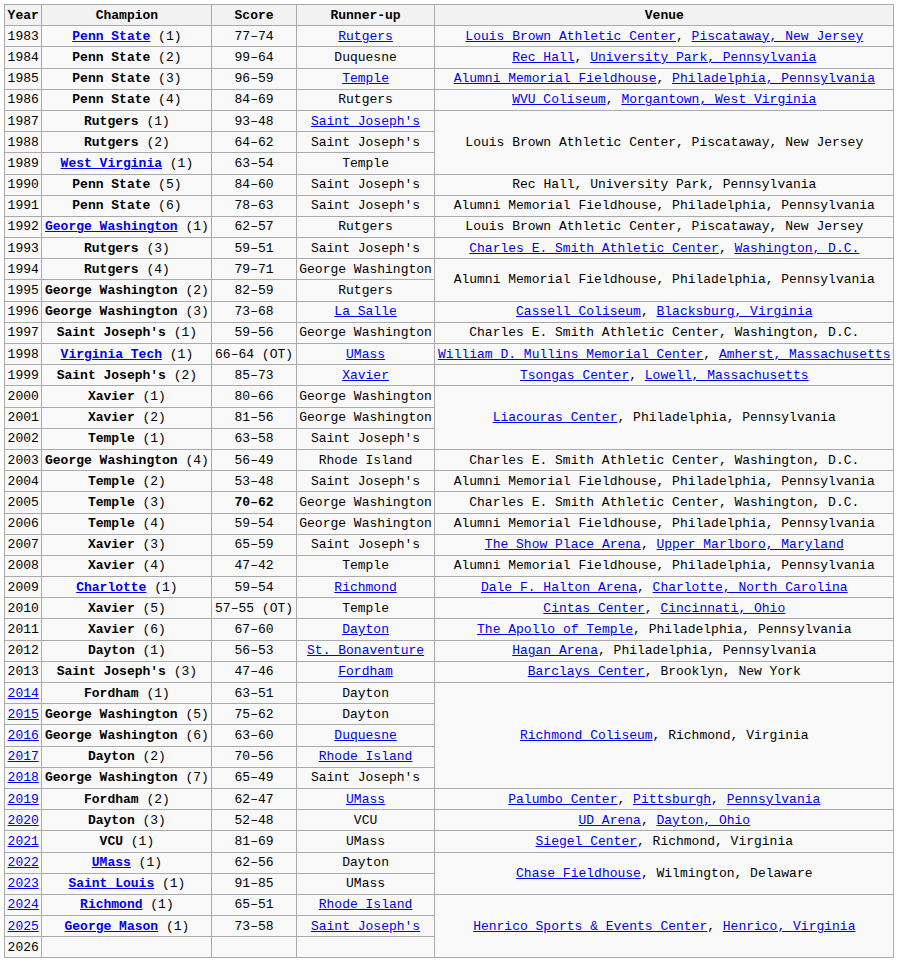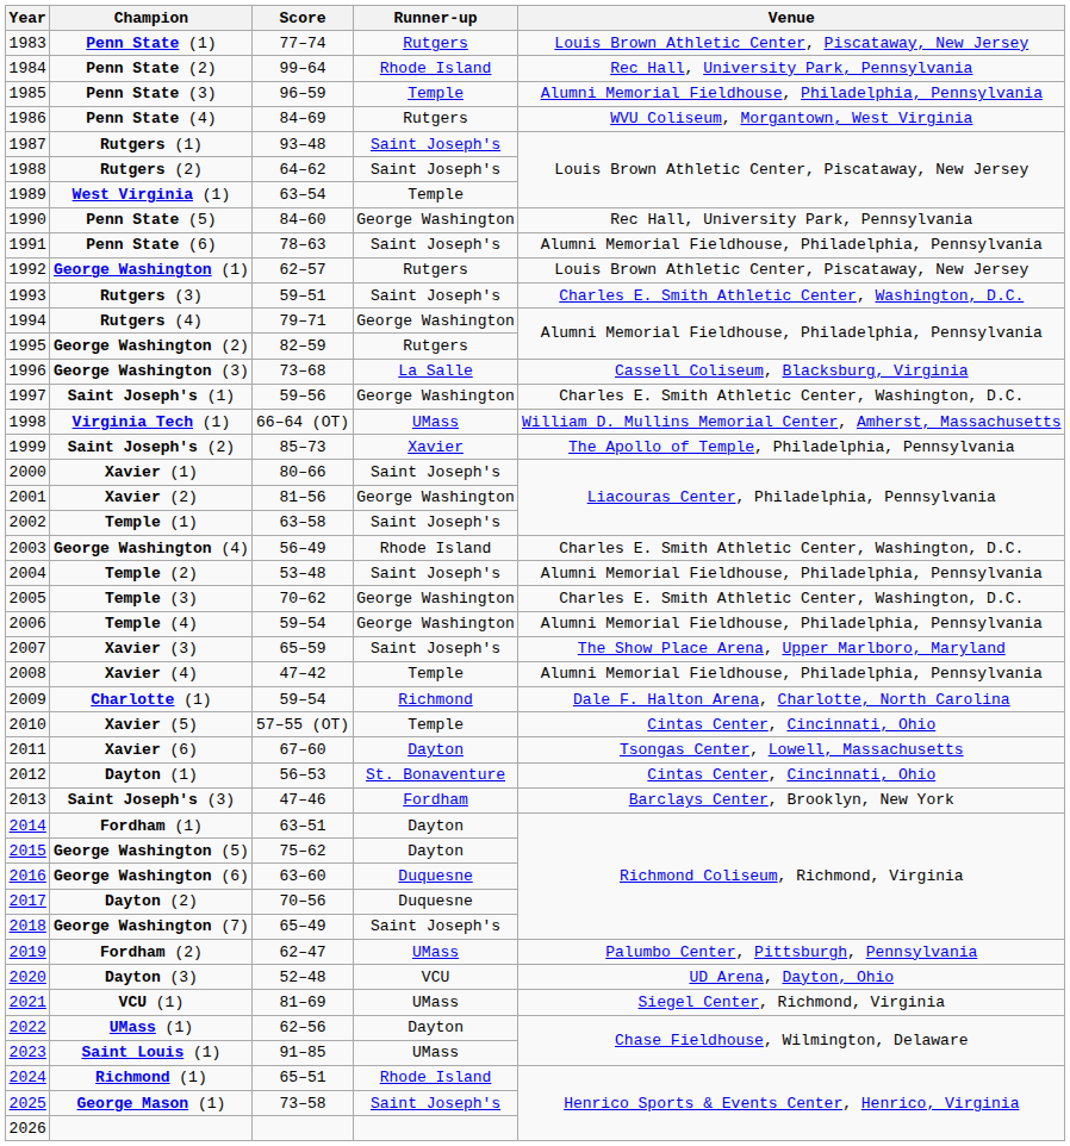 <table class="wikitable sortable" style="text-align:center">
 <tr>
 <th width=px>Year</th>
 <th width=px>Champion</th>
 <th width=px>Score</th>
 <th width=px>Runner-up</th>
 <th width=px>Venue</th>
 </tr>
 <tr>
 <td>1983</td>
 <td><strong><a href='#'>Penn State</a></strong> (1)</td>
 <td>77–74</td>
 <td><a href='#'>Rutgers</a></td>
 <td><a href='#'>Louis Brown Athletic Center</a>, <a href='#'>Piscataway, New Jersey</a></td>
 </tr>
 <tr>
 <td>1984</td>
 <td><strong>Penn State</strong> (2)</td>
 <td>99–64</td>
-<td>Duquesne</td>
+<td><a href='#'>Rhode Island</a></td>
 <td><a href='#'>Rec Hall</a>, <a href='#'>University Park, Pennsylvania</a></td>
 </tr>
 <tr>
 <td>1985</td>
 <td><strong>Penn State</strong> (3)</td>
 <td>96–59</td>
 <td><a href='#'>Temple</a></td>
 <td><a href='#'>Alumni Memorial Fieldhouse</a>, <a href='#'>Philadelphia, Pennsylvania</a></td>
 </tr>
 <tr>
 <td>1986</td>
 <td><strong>Penn State</strong> (4)</td>
 <td>84–69</td>
 <td>Rutgers</td>
 <td><a href='#'>WVU Coliseum</a>, <a href='#'>Morgantown, West Virginia</a></td>
 </tr>
 <tr>
 <td>1987</td>
 <td><strong>Rutgers</strong> (1)</td>
 <td>93–48</td>
 <td><a href='#'>Saint Joseph's</a></td>
 <td rowspan=3>Louis Brown Athletic Center, Piscataway, New Jersey</td>
 </tr>
 <tr>
 <td>1988</td>
 <td><strong>Rutgers</strong> (2)</td>
 <td>64–62</td>
 <td>Saint Joseph's</td>
 </tr>
 <tr>
 <td>1989</td>
 <td><strong><a href='#'>West Virginia</a></strong> (1)</td>
 <td>63–54</td>
 <td>Temple</td>
 </tr>
 <tr>
 <td>1990</td>
 <td><strong>Penn State</strong> (5)</td>
 <td>84–60</td>
-<td>Saint Joseph's</td>
+<td>George Washington</td>
 <td>Rec Hall, University Park, Pennsylvania</td>
 </tr>
 <tr>
 <td>1991</td>
 <td><strong>Penn State</strong> (6)</td>
 <td>78–63</td>
 <td>Saint Joseph's</td>
 <td>Alumni Memorial Fieldhouse, Philadelphia, Pennsylvania</td>
 </tr>
 <tr>
 <td>1992</td>
 <td><strong><a href='#'>George Washington</a></strong> (1)</td>
 <td>62–57</td>
 <td>Rutgers</td>
 <td>Louis Brown Athletic Center, Piscataway, New Jersey</td>
 </tr>
 <tr>
 <td>1993</td>
 <td><strong>Rutgers</strong> (3)</td>
 <td>59–51</td>
 <td>Saint Joseph's</td>
 <td><a href='#'>Charles E. Smith Athletic Center</a>, <a href='#'>Washington, D.C.</a></td>
 </tr>
 <tr>
 <td>1994</td>
 <td><strong>Rutgers</strong> (4)</td>
 <td>79–71</td>
 <td>George Washington</td>
 <td rowspan=2>Alumni Memorial Fieldhouse, Philadelphia, Pennsylvania</td>
 </tr>
 <tr>
 <td>1995</td>
 <td><strong>George Washington</strong> (2)</td>
 <td>82–59</td>
 <td>Rutgers</td>
 </tr>
 <tr>
 <td>1996</td>
 <td><strong>George Washington</strong> (3)</td>
 <td>73–68</td>
 <td><a href='#'>La Salle</a></td>
 <td><a href='#'>Cassell Coliseum</a>, <a href='#'>Blacksburg, Virginia</a></td>
 </tr>
 <tr>
 <td>1997</td>
 <td><strong>Saint Joseph's</strong> (1)</td>
 <td>59–56</td>
 <td>George Washington</td>
 <td>Charles E. Smith Athletic Center, Washington, D.C.</td>
 </tr>
 <tr>
 <td>1998</td>
 <td><strong><a href='#'>Virginia Tech</a></strong> (1)</td>
 <td>66–64 (OT)</td>
 <td><a href='#'>UMass</a></td>
 <td><a href='#'>William D. Mullins Memorial Center</a>, <a href='#'>Amherst, Massachusetts</a></td>
 </tr>
 <tr>
 <td>1999</td>
 <td><strong>Saint Joseph's</strong> (2)</td>
 <td>85–73</td>
 <td><a href='#'>Xavier</a></td>
-<td><a href='#'>Tsongas Center</a>, <a href='#'>Lowell, Massachusetts</a></td>
+<td><a href='#'>The Apollo of Temple</a>, Philadelphia, Pennsylvania</td>
 </tr>
 <tr>
 <td>2000</td>
 <td><strong>Xavier</strong> (1)</td>
 <td>80–66</td>
-<td>George Washington</td>
+<td>Saint Joseph's</td>
 <td rowspan=3><a href='#'>Liacouras Center</a>, Philadelphia, Pennsylvania</td>
 </tr>
 <tr>
 <td>2001</td>
 <td><strong>Xavier</strong> (2)</td>
 <td>81–56</td>
 <td>George Washington</td>
 </tr>
 <tr>
 <td>2002</td>
 <td><strong>Temple</strong> (1)</td>
 <td>63–58</td>
 <td>Saint Joseph's</td>
 </tr>
 <tr>
 <td>2003</td>
 <td><strong>George Washington</strong> (4)</td>
 <td>56–49</td>
 <td>Rhode Island</td>
 <td>Charles E. Smith Athletic Center, Washington, D.C.</td>
 </tr>
 <tr>
 <td>2004</td>
 <td><strong>Temple</strong> (2)</td>
 <td>53–48</td>
 <td>Saint Joseph's</td>
 <td>Alumni Memorial Fieldhouse, Philadelphia, Pennsylvania</td>
 </tr>
 <tr>
 <td>2005</td>
 <td><strong>Temple</strong> (3)</td>
-<td><strong>70–62</strong></td>
+<td>70–62</td>
 <td>George Washington</td>
 <td>Charles E. Smith Athletic Center, Washington, D.C.</td>
 </tr>
 <tr>
 <td>2006</td>
 <td><strong>Temple</strong> (4)</td>
 <td>59–54</td>
 <td>George Washington</td>
 <td>Alumni Memorial Fieldhouse, Philadelphia, Pennsylvania</td>
 </tr>
 <tr>
 <td>2007</td>
 <td><strong>Xavier</strong> (3)</td>
 <td>65–59</td>
 <td>Saint Joseph's</td>
 <td><a href='#'>The Show Place Arena</a>, <a href='#'>Upper Marlboro, Maryland</a></td>
 </tr>
 <tr>
 <td>2008</td>
 <td><strong>Xavier</strong> (4)</td>
 <td>47–42</td>
 <td>Temple</td>
 <td>Alumni Memorial Fieldhouse, Philadelphia, Pennsylvania</td>
 </tr>
 <tr>
 <td>2009</td>
 <td><strong><a href='#'>Charlotte</a></strong> (1)</td>
 <td>59–54</td>
 <td><a href='#'>Richmond</a></td>
 <td><a href='#'>Dale F. Halton Arena</a>, <a href='#'>Charlotte, North Carolina</a></td>
 </tr>
 <tr>
 <td>2010</td>
 <td><strong>Xavier</strong> (5)</td>
 <td>57–55 (OT)</td>
 <td>Temple</td>
 <td><a href='#'>Cintas Center</a>, <a href='#'>Cincinnati, Ohio</a></td>
 </tr>
 <tr>
 <td>2011</td>
 <td><strong>Xavier</strong> (6)</td>
 <td>67–60</td>
 <td><a href='#'>Dayton</a></td>
-<td><a href='#'>The Apollo of Temple</a>, Philadelphia, Pennsylvania</td>
+<td><a href='#'>Tsongas Center</a>, <a href='#'>Lowell, Massachusetts</a></td>
 </tr>
 <tr>
 <td>2012</td>
 <td><strong>Dayton</strong> (1)</td>
 <td>56–53</td>
 <td><a href='#'>St. Bonaventure</a></td>
-<td><a href='#'>Hagan Arena</a>, Philadelphia, Pennsylvania</td>
+<td><a href='#'>Cintas Center</a>, <a href='#'>Cincinnati, Ohio</a></td>
 </tr>
 <tr>
 <td>2013</td>
 <td><strong>Saint Joseph's</strong> (3)</td>
 <td>47–46</td>
 <td><a href='#'>Fordham</a></td>
 <td><a href='#'>Barclays Center</a>, Brooklyn, New York</td>
 </tr>
 <tr>
 <td><a href='#'>2014</a></td>
 <td><strong>Fordham</strong> (1)</td>
 <td>63–51</td>
 <td>Dayton</td>
 <td rowspan=5><a href='#'>Richmond Coliseum</a>, Richmond, Virginia</td>
 </tr>
 <tr>
 <td><a href='#'>2015</a></td>
 <td><strong>George Washington</strong> (5)</td>
 <td>75–62</td>
 <td>Dayton</td>
 </tr>
 <tr>
 <td><a href='#'>2016</a></td>
 <td><strong>George Washington</strong> (6)</td>
 <td>63–60</td>
 <td><a href='#'>Duquesne</a></td>
 </tr>
 <tr>
 <td><a href='#'>2017</a></td>
 <td><strong>Dayton</strong> (2)</td>
 <td>70–56</td>
-<td><a href='#'>Rhode Island</a></td>
+<td>Duquesne</td>
 </tr>
 <tr>
 <td><a href='#'>2018</a></td>
 <td><strong>George Washington</strong> (7)</td>
 <td>65–49</td>
 <td>Saint Joseph's</td>
 </tr>
 <tr>
 <td><a href='#'>2019</a></td>
 <td><strong>Fordham</strong> (2)</td>
 <td>62–47</td>
 <td><a href='#'>UMass</a></td>
 <td><a href='#'>Palumbo Center</a>, <a href='#'>Pittsburgh</a>, <a href='#'>Pennsylvania</a></td>
 </tr>
 <tr>
 <td><a href='#'>2020</a></td>
 <td><strong>Dayton</strong> (3)</td>
 <td>52–48</td>
 <td>VCU</td>
 <td><a href='#'>UD Arena</a>, <a href='#'>Dayton, Ohio</a></td>
 </tr>
 <tr>
 <td><a href='#'>2021</a></td>
 <td><strong>VCU</strong> (1)</td>
 <td>81–69</td>
 <td>UMass</td>
 <td><a href='#'>Siegel Center</a>, Richmond, Virginia</td>
 </tr>
 <tr>
 <td><a href='#'>2022</a></td>
 <td><strong><a href='#'>UMass</a></strong> (1)</td>
 <td>62–56</td>
 <td>Dayton</td>
 <td rowspan=2><a href='#'>Chase Fieldhouse</a>, Wilmington, Delaware</td>
 </tr>
 <tr>
 <td><a href='#'>2023</a></td>
 <td><strong><a href='#'>Saint Louis</a></strong> (1)</td>
 <td>91–85</td>
 <td>UMass</td>
 </tr>
 <tr>
 <td><a href='#'>2024</a></td>
 <td><strong><a href='#'>Richmond</a></strong> (1)</td>
 <td>65–51</td>
 <td><a href='#'>Rhode Island</a></td>
 <td rowspan=3><a href='#'>Henrico Sports & Events Center</a>, <a href='#'>Henrico, Virginia</a></td>
 </tr>
 <tr>
 <td><a href='#'>2025</a></td>
 <td><strong><a href='#'>George Mason</a></strong> (1)</td>
 <td>73–58</td>
 <td><a href='#'>Saint Joseph's</a></td>
 </tr>
 <tr>
 <td>2026</td>
 <td></td>
 <td></td>
 <td></td>
 </tr>
 </table>
